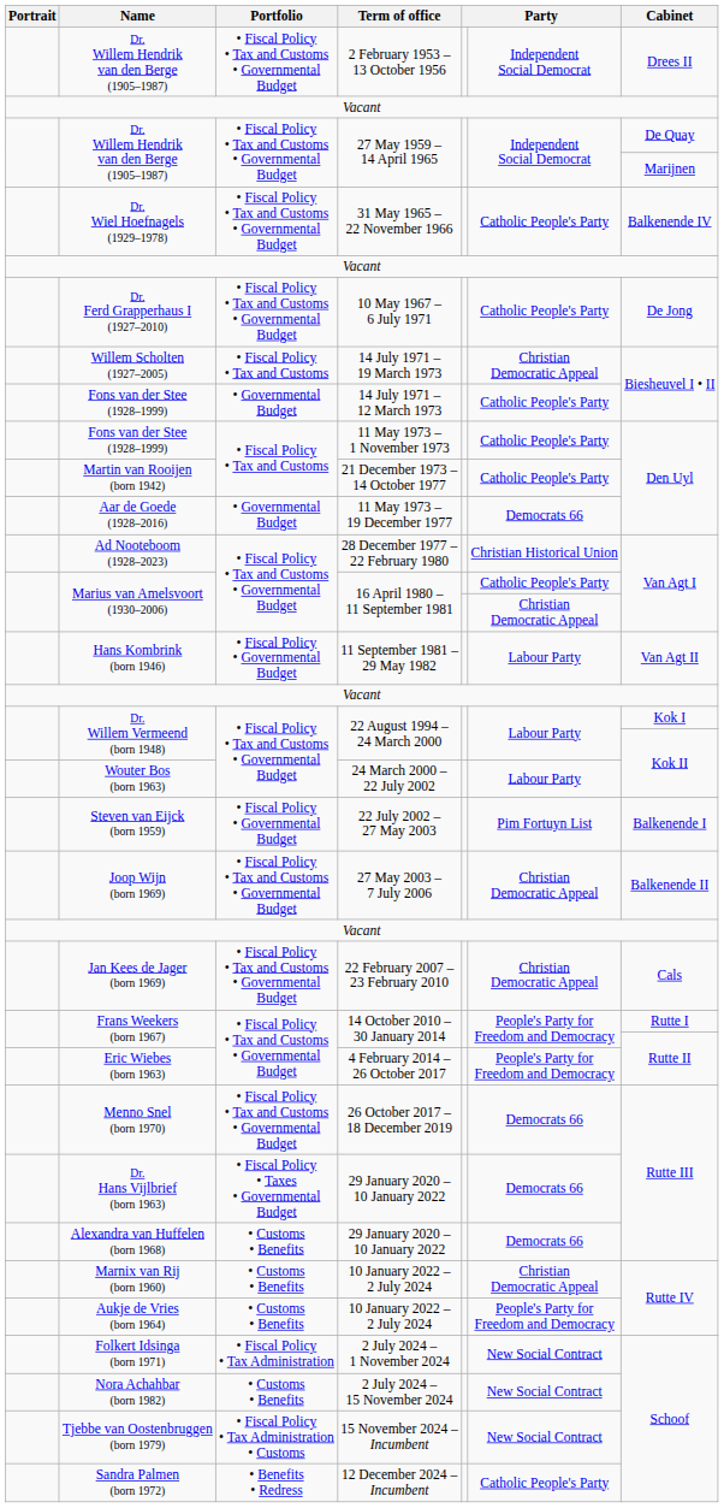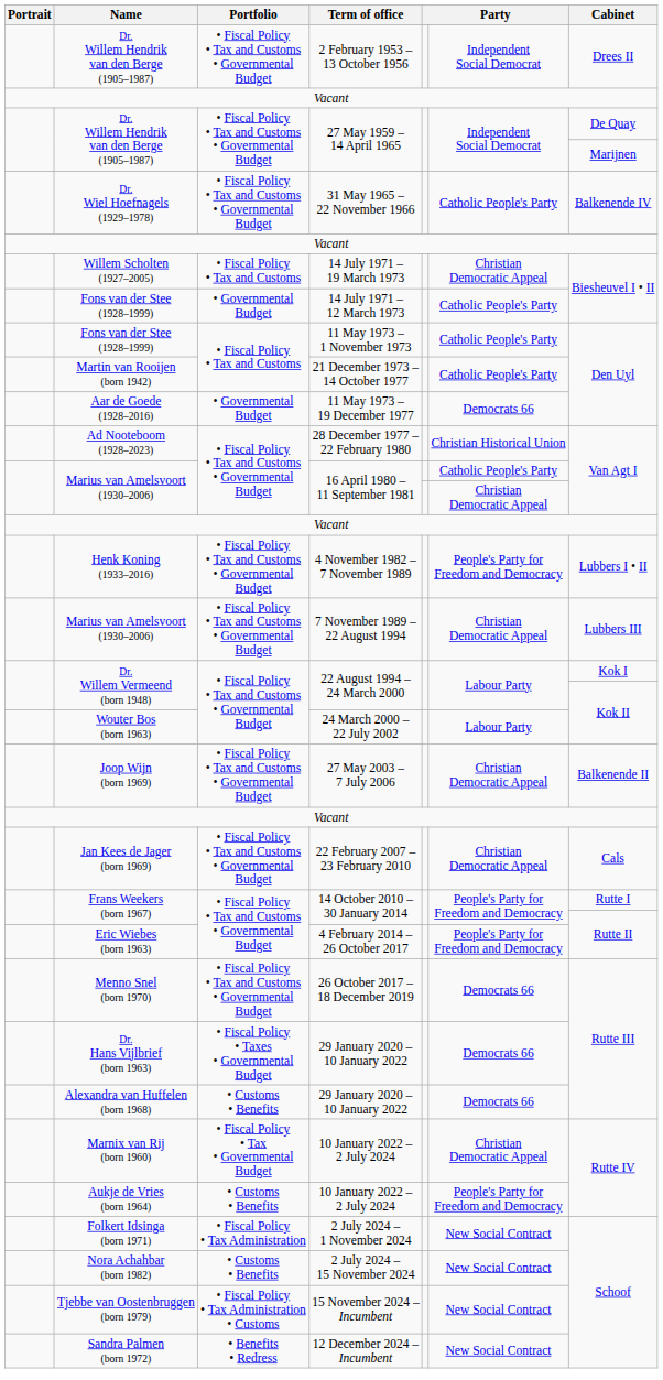 <table class="wikitable" style="text-align:center">
 <tr>
 <th>Portrait</th>
 <th>Name <br> </th>
 <th>Portfolio</th>
 <th>Term of office</th>
 <th colspan=2>Party</th>
 <th>Cabinet</th>
 </tr>
 <tr>
 <td></td>
 <td><small><a href='#'>Dr.</a></small> <br> <a href='#'>Willem Hendrik <br> van den Berge</a> <br> <small>(1905–1987)</small></td>
 <td>• <a href='#'>Fiscal Policy</a> <br> • <a href='#'>Tax and Customs</a> <br> • <a href='#'>Governmental <br> Budget</a></td>
 <td>2 February 1953 – <br> 13 October 1956</td>
 <td style="background:"></td>
 <td><a href='#'>Independent</a> <br> <a href='#'>Social Democrat</a></td>
 <td><a href='#'>Drees II</a> <br></td>
 </tr>
 <tr>
 <td colspan=7><em>Vacant</em></td>
 </tr>
 <tr>
 <td rowspan=2></td>
 <td rowspan=2><small><a href='#'>Dr.</a></small> <br> <a href='#'>Willem Hendrik <br> van den Berge</a> <br> <small>(1905–1987)</small></td>
 <td rowspan=2>• <a href='#'>Fiscal Policy</a> <br> • <a href='#'>Tax and Customs</a> <br> • <a href='#'>Governmental <br> Budget</a></td>
 <td rowspan=2>27 May 1959 – <br> 14 April 1965</td>
 <td rowspan=2 style="background:"></td>
 <td rowspan=2><a href='#'>Independent</a> <br> <a href='#'>Social Democrat</a></td>
 <td><a href='#'>De Quay</a> <br></td>
 </tr>
 <tr>
 <td><a href='#'>Marijnen</a> <br></td>
 </tr>
 <tr>
 <td></td>
 <td><small><a href='#'>Dr.</a></small> <br> <a href='#'>Wiel Hoefnagels</a> <br> <small>(1929–1978)</small></td>
 <td>• <a href='#'>Fiscal Policy</a> <br> • <a href='#'>Tax and Customs</a> <br> • <a href='#'>Governmental <br> Budget</a></td>
 <td>31 May 1965 – <br> 22 November 1966</td>
 <td style="background:"></td>
 <td><a href='#'>Catholic People's Party</a></td>
 <td><a href='#'>Balkenende IV</a> <br></td>
 </tr>
 <tr>
 <td colspan=7><em>Vacant</em></td>
-</tr>
-<tr>
-<td></td>
-<td><small><a href='#'>Dr.</a></small> <br> <a href='#'>Ferd Grapperhaus I</a> <br> <small>(1927–2010)</small></td>
-<td>• <a href='#'>Fiscal Policy</a> <br> • <a href='#'>Tax and Customs</a> <br> • <a href='#'>Governmental <br> Budget</a></td>
-<td>10 May 1967 – <br> 6 July 1971</td>
-<td style="background:"></td>
-<td><a href='#'>Catholic People's Party</a></td>
-<td><a href='#'>De Jong</a> <br></td>
 </tr>
 <tr>
 <td></td>
 <td><a href='#'>Willem Scholten</a> <br> <small>(1927–2005)</small></td>
 <td>• <a href='#'>Fiscal Policy</a> <br> • <a href='#'>Tax and Customs</a></td>
 <td>14 July 1971 – <br> 19 March 1973 <br> </td>
 <td style="background:"></td>
 <td><a href='#'>Christian <br> Democratic Appeal</a></td>
 <td rowspan=2><a href='#'>Biesheuvel I</a> • <a href='#'>II</a> <br></td>
 </tr>
 <tr>
 <td></td>
 <td><a href='#'>Fons van der Stee</a> <br> <small>(1928–1999)</small></td>
 <td>• <a href='#'>Governmental <br> Budget</a></td>
 <td>14 July 1971 – <br> 12 March 1973 <br> </td>
 <td style="background:"></td>
 <td><a href='#'>Catholic People's Party</a></td>
 </tr>
 <tr>
 <td></td>
 <td><a href='#'>Fons van der Stee</a> <br> <small>(1928–1999)</small></td>
 <td rowspan=2>• <a href='#'>Fiscal Policy</a> <br> • <a href='#'>Tax and Customs</a></td>
 <td>11 May 1973 – <br> 1 November 1973 <br> </td>
 <td style="background:"></td>
 <td><a href='#'>Catholic People's Party</a></td>
 <td rowspan=3><a href='#'>Den Uyl</a> <br></td>
 </tr>
 <tr>
 <td></td>
 <td><a href='#'>Martin van Rooijen</a> <br> <small>(born 1942)</small></td>
 <td>21 December 1973 – <br> 14 October 1977 <br> </td>
 <td style="background:"></td>
 <td><a href='#'>Catholic People's Party</a></td>
 </tr>
 <tr>
 <td></td>
 <td><a href='#'>Aar de Goede</a> <br> <small>(1928–2016)</small></td>
 <td>• <a href='#'>Governmental <br> Budget</a></td>
 <td>11 May 1973 – <br> 19 December 1977</td>
 <td style="background:"></td>
 <td><a href='#'>Democrats 66</a></td>
 </tr>
 <tr>
 <td></td>
 <td><a href='#'>Ad Nooteboom</a> <br> <small>(1928–2023)</small></td>
 <td rowspan=3>• <a href='#'>Fiscal Policy</a> <br> • <a href='#'>Tax and Customs</a> <br> • <a href='#'>Governmental <br> Budget</a></td>
 <td>28 December 1977 – <br> 22 February 1980 <br> </td>
 <td style="background:"></td>
 <td><a href='#'>Christian Historical Union</a></td>
 <td rowspan=3><a href='#'>Van Agt I</a> <br></td>
 </tr>
 <tr>
 <td rowspan=2></td>
 <td rowspan=2><a href='#'>Marius van Amelsvoort</a> <br> <small>(1930–2006)</small></td>
 <td rowspan=2>16 April 1980 – <br> 11 September 1981</td>
 <td style="background:"></td>
 <td><a href='#'>Catholic People's Party</a></td>
 </tr>
 <tr>
 <td style="background:"></td>
 <td><a href='#'>Christian <br> Democratic Appeal</a></td>
 </tr>
 <tr>
-<td></td>
-<td><a href='#'>Hans Kombrink</a> <br> <small>(born 1946)</small></td>
-<td>• <a href='#'>Fiscal Policy</a> <br> • <a href='#'>Governmental <br> Budget</a></td>
-<td>11 September 1981 – <br> 29 May 1982 <br> </td>
-<td style="background:"></td>
-<td><a href='#'>Labour Party</a></td>
-<td><a href='#'>Van Agt II</a> <br></td>
+<td colspan=7><em>Vacant</em></td>
 </tr>
 <tr>
-<td colspan=7><em>Vacant</em></td>
+<td></td>
+<td><a href='#'>Henk Koning</a> <br> <small>(1933–2016)</small></td>
+<td>• <a href='#'>Fiscal Policy</a> <br> • <a href='#'>Tax and Customs</a> <br> • <a href='#'>Governmental <br> Budget</a></td>
+<td>4 November 1982 – <br> 7 November 1989</td>
+<td style="background:"></td>
+<td><a href='#'>People's Party for <br> Freedom and Democracy</a></td>
+<td><a href='#'>Lubbers I</a> • <a href='#'>II</a> <br></td>
+</tr>
+<tr>
+<td></td>
+<td><a href='#'>Marius van Amelsvoort</a> <br> <small>(1930–2006)</small></td>
+<td>• <a href='#'>Fiscal Policy</a> <br> • <a href='#'>Tax and Customs</a> <br> • <a href='#'>Governmental <br> Budget</a></td>
+<td>7 November 1989 – <br> 22 August 1994</td>
+<td style="background:"></td>
+<td><a href='#'>Christian <br> Democratic Appeal</a></td>
+<td><a href='#'>Lubbers III</a> <br></td>
 </tr>
 <tr>
 <td rowspan=2></td>
 <td rowspan=2><small><a href='#'>Dr.</a></small> <br> <a href='#'>Willem Vermeend</a> <br> <small>(born 1948)</small></td>
 <td rowspan=3>• <a href='#'>Fiscal Policy</a> <br> • <a href='#'>Tax and Customs</a> <br> • <a href='#'>Governmental <br> Budget</a></td>
 <td rowspan=2>22 August 1994 – <br> 24 March 2000 <br> </td>
 <td rowspan=2 style="background:"></td>
 <td rowspan=2><a href='#'>Labour Party</a></td>
 <td><a href='#'>Kok I</a> <br></td>
 </tr>
 <tr>
 <td rowspan=2><a href='#'>Kok II</a> <br></td>
 </tr>
 <tr>
 <td></td>
 <td><a href='#'>Wouter Bos</a> <br> <small>(born 1963)</small></td>
 <td>24 March 2000 – <br> 22 July 2002</td>
 <td style="background:"></td>
 <td><a href='#'>Labour Party</a></td>
-</tr>
-<tr>
-<td></td>
-<td><a href='#'>Steven van Eijck</a> <br> <small>(born 1959)</small></td>
-<td>• <a href='#'>Fiscal Policy</a> <br> • <a href='#'>Governmental <br> Budget</a></td>
-<td>22 July 2002 – <br> 27 May 2003</td>
-<td style="background:"></td>
-<td><a href='#'>Pim Fortuyn List</a></td>
-<td><a href='#'>Balkenende I</a> <br></td>
 </tr>
 <tr>
 <td></td>
 <td><a href='#'>Joop Wijn</a> <br> <small>(born 1969)</small></td>
 <td>• <a href='#'>Fiscal Policy</a> <br> • <a href='#'>Tax and Customs</a> <br> • <a href='#'>Governmental <br> Budget</a></td>
 <td>27 May 2003 – <br> 7 July 2006</td>
 <td style="background:"></td>
 <td><a href='#'>Christian <br> Democratic Appeal</a></td>
 <td><a href='#'>Balkenende II</a> <br></td>
 </tr>
 <tr>
 <td colspan=7><em>Vacant</em></td>
 </tr>
 <tr>
 <td></td>
 <td><a href='#'>Jan Kees de Jager</a> <br> <small>(born 1969)</small></td>
 <td>• <a href='#'>Fiscal Policy</a> <br> • <a href='#'>Tax and Customs</a> <br> • <a href='#'>Governmental <br> Budget</a></td>
 <td>22 February 2007 – <br> 23 February 2010 <br> </td>
 <td style="background:"></td>
 <td><a href='#'>Christian <br> Democratic Appeal</a></td>
 <td><a href='#'>Cals</a> <br></td>
 </tr>
 <tr>
 <td rowspan=2></td>
 <td rowspan=2><a href='#'>Frans Weekers</a> <br> <small>(born 1967)</small></td>
 <td rowspan=3>• <a href='#'>Fiscal Policy</a> <br> • <a href='#'>Tax and Customs</a> <br> • <a href='#'>Governmental <br> Budget</a></td>
 <td rowspan=2>14 October 2010 – <br> 30 January 2014 <br> </td>
 <td rowspan=2 style="background:"></td>
 <td rowspan=2><a href='#'>People's Party for <br> Freedom and Democracy</a></td>
 <td><a href='#'>Rutte I</a> <br></td>
 </tr>
 <tr>
 <td rowspan=2><a href='#'>Rutte II</a> <br></td>
 </tr>
 <tr>
 <td></td>
 <td><a href='#'>Eric Wiebes</a> <br> <small>(born 1963)</small></td>
 <td>4 February 2014 – <br> 26 October 2017</td>
 <td style="background:"></td>
 <td><a href='#'>People's Party for <br> Freedom and Democracy</a></td>
 </tr>
 <tr>
 <td></td>
 <td><a href='#'>Menno Snel</a> <br> <small>(born 1970)</small></td>
 <td>• <a href='#'>Fiscal Policy</a> <br> • <a href='#'>Tax and Customs</a> <br> • <a href='#'>Governmental <br> Budget</a></td>
 <td>26 October 2017 – <br> 18 December 2019 <br> </td>
 <td style="background:"></td>
 <td><a href='#'>Democrats 66</a></td>
 <td rowspan=3><a href='#'>Rutte III</a> <br></td>
 </tr>
 <tr>
 <td></td>
 <td><small><a href='#'>Dr.</a></small> <br> <a href='#'>Hans Vijlbrief</a> <br> <small>(born 1963)</small></td>
 <td>• <a href='#'>Fiscal Policy</a> <br> • <a href='#'>Taxes</a> <br> • <a href='#'>Governmental <br> Budget</a> <br></td>
 <td>29 January 2020 – <br> 10 January 2022</td>
 <td style="background:"></td>
 <td><a href='#'>Democrats 66</a></td>
 </tr>
 <tr>
 <td></td>
 <td><a href='#'>Alexandra van Huffelen</a> <br> <small>(born 1968)</small></td>
 <td>• <a href='#'>Customs</a> <br> • <a href='#'>Benefits</a></td>
 <td>29 January 2020 – <br> 10 January 2022</td>
 <td style="background:"></td>
 <td><a href='#'>Democrats 66</a></td>
 </tr>
 <tr>
 <td></td>
 <td><a href='#'>Marnix van Rij</a> <br> <small>(born 1960)</small></td>
-<td>• <a href='#'>Customs</a> <br> • <a href='#'>Benefits</a></td>
+<td>• <a href='#'>Fiscal Policy</a> <br> • <a href='#'>Tax</a> <br> • <a href='#'>Governmental <br> Budget</a></td>
 <td>10 January 2022 – <br> 2 July 2024</td>
 <td style="background:"></td>
 <td><a href='#'>Christian <br> Democratic Appeal</a></td>
 <td rowspan=2><a href='#'>Rutte IV</a></td>
 </tr>
 <tr>
 <td></td>
 <td><a href='#'>Aukje de Vries</a> <br> <small>(born 1964)</small></td>
 <td>• <a href='#'>Customs</a> <br> • <a href='#'>Benefits</a></td>
 <td>10 January 2022 – <br> 2 July 2024</td>
 <td style="background:"></td>
 <td><a href='#'>People's Party for <br> Freedom and Democracy</a></td>
 </tr>
 <tr>
 <td></td>
 <td><a href='#'>Folkert Idsinga</a> <br> <small>(born 1971)</small></td>
 <td>• <a href='#'>Fiscal Policy</a> <br> • <a href='#'>Tax Administration</a></td>
 <td>2 July 2024 – <br> 1 November 2024</td>
 <td style="background:"></td>
 <td><a href='#'>New Social Contract</a></td>
 <td rowspan=4><a href='#'>Schoof</a> <br></td>
 </tr>
 <tr>
 <td></td>
 <td><a href='#'>Nora Achahbar</a> <br> <small>(born 1982)</small></td>
 <td>• <a href='#'>Customs</a> <br> • <a href='#'>Benefits</a></td>
 <td>2 July 2024 – <br> 15 November 2024</td>
 <td style="background:"></td>
 <td><a href='#'>New Social Contract</a></td>
 </tr>
 <tr>
 <td></td>
 <td><a href='#'>Tjebbe van Oostenbruggen</a> <br> <small>(born 1979)</small></td>
 <td>• <a href='#'>Fiscal Policy</a> <br> • <a href='#'>Tax Administration</a> <br> • <a href='#'>Customs</a></td>
 <td>15 November 2024 – <br> <em>Incumbent</em></td>
 <td style="background:"></td>
 <td><a href='#'>New Social Contract</a></td>
 </tr>
 <tr>
 <td></td>
 <td><a href='#'>Sandra Palmen</a> <br> <small>(born 1972)</small></td>
 <td>• <a href='#'>Benefits</a> <br> • <a href='#'>Redress</a></td>
 <td>12 December 2024 – <br> <em>Incumbent</em></td>
 <td style="background:"></td>
-<td><a href='#'>Catholic People's Party</a></td>
+<td><a href='#'>New Social Contract</a></td>
 </tr>
 </table>
